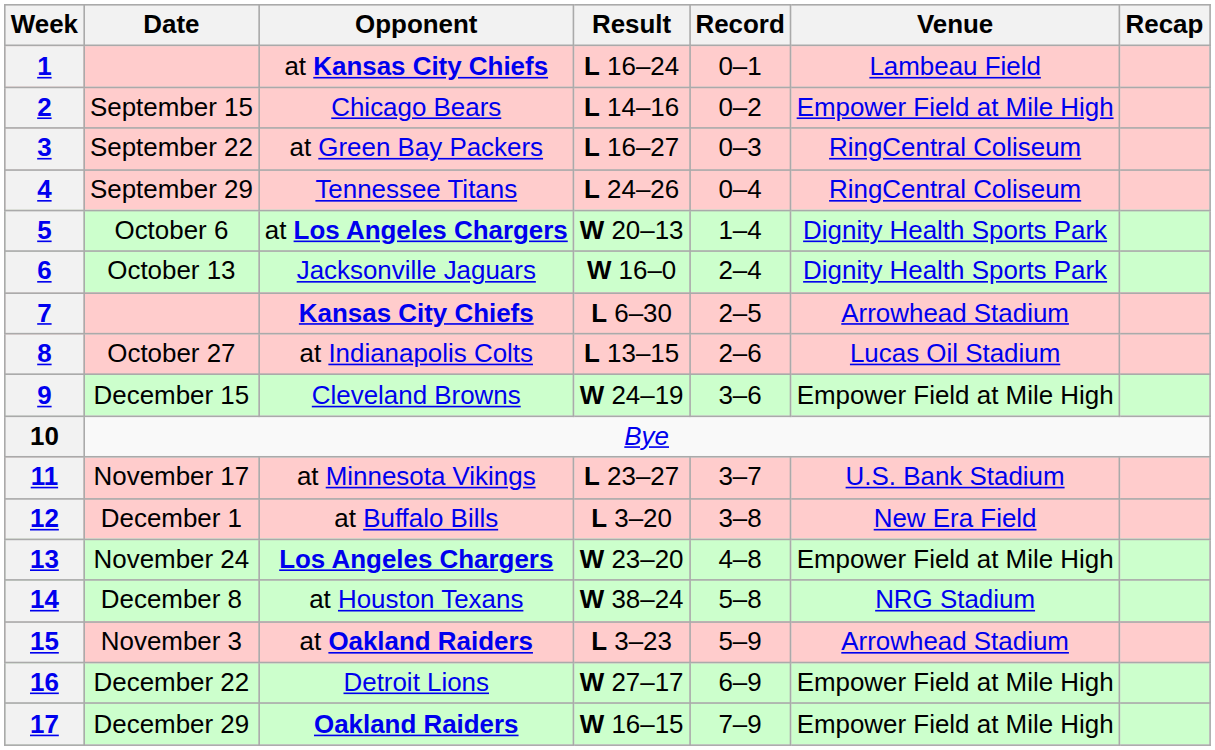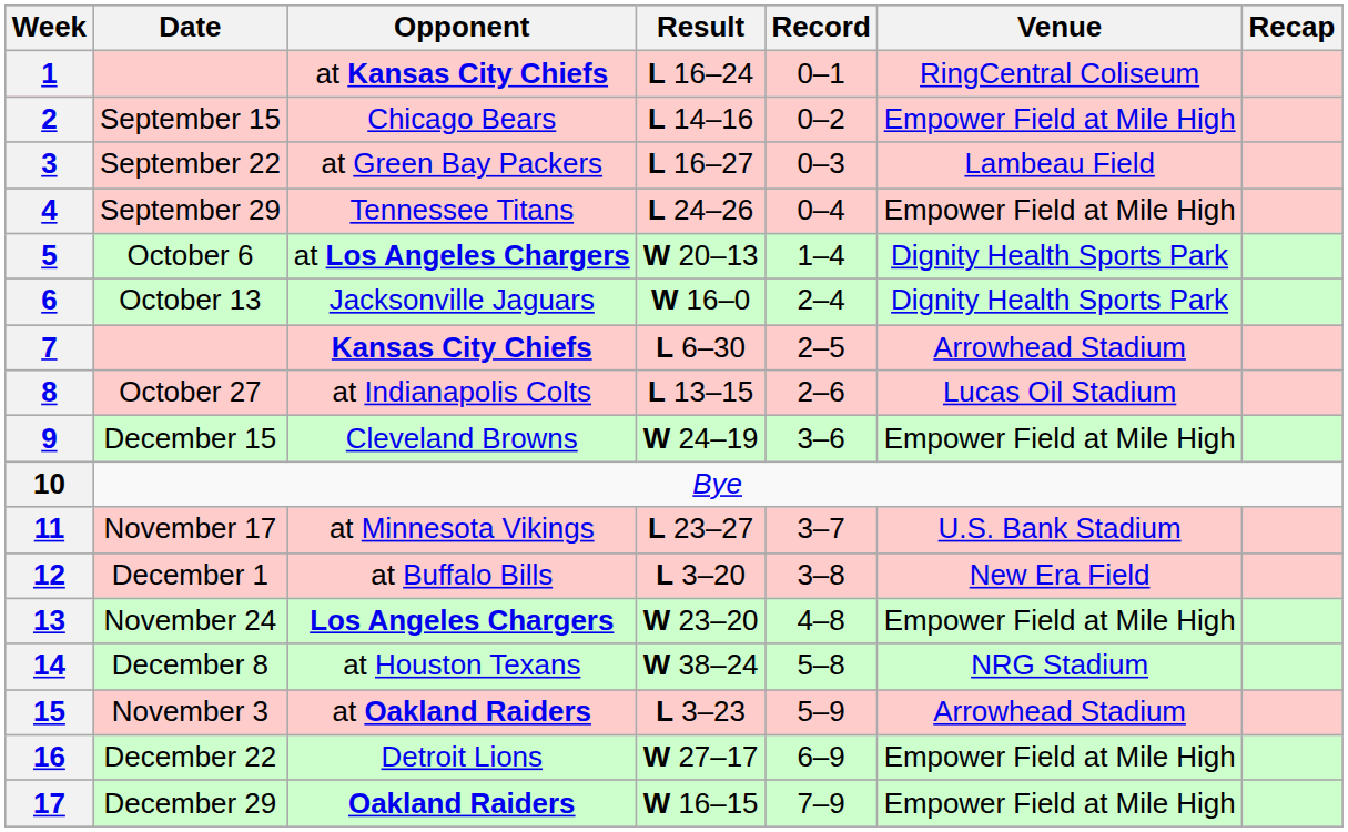 <table class="wikitable" style="text-align:center">
 <tr>
 <th>Week</th>
 <th>Date</th>
 <th>Opponent</th>
 <th>Result</th>
 <th>Record</th>
 <th>Venue</th>
 <th>Recap</th>
 </tr>
 <tr style="background:#fcc">
 <th><a href='#'>1</a></th>
 <td></td>
 <td>at <strong><a href='#'>Kansas City Chiefs</a></strong></td>
 <td><strong>L</strong> 16–24</td>
 <td>0–1</td>
-<td><a href='#'>Lambeau Field</a></td>
+<td><a href='#'>RingCentral Coliseum</a></td>
 <td></td>
 </tr>
 <tr style="background:#fcc">
 <th><a href='#'>2</a></th>
 <td>September 15</td>
 <td><a href='#'>Chicago Bears</a></td>
 <td><strong>L</strong> 14–16</td>
 <td>0–2</td>
 <td><a href='#'>Empower Field at Mile High</a></td>
 <td></td>
 </tr>
 <tr style="background:#fcc">
 <th><a href='#'>3</a></th>
 <td>September 22</td>
 <td>at <a href='#'>Green Bay Packers</a></td>
 <td><strong>L</strong> 16–27</td>
 <td>0–3</td>
-<td><a href='#'>RingCentral Coliseum</a></td>
+<td><a href='#'>Lambeau Field</a></td>
 <td></td>
 </tr>
 <tr style="background:#fcc">
 <th><a href='#'>4</a></th>
 <td>September 29</td>
 <td><a href='#'>Tennessee Titans</a></td>
 <td><strong>L</strong> 24–26</td>
 <td>0–4</td>
-<td><a href='#'>RingCentral Coliseum</a></td>
+<td>Empower Field at Mile High</td>
 <td></td>
 </tr>
 <tr style="background:#cfc">
 <th><a href='#'>5</a></th>
 <td>October 6</td>
 <td>at <strong><a href='#'>Los Angeles Chargers</a></strong></td>
 <td><strong>W</strong> 20–13</td>
 <td>1–4</td>
 <td><a href='#'>Dignity Health Sports Park</a></td>
 <td></td>
 </tr>
 <tr style="background:#cfc">
 <th><a href='#'>6</a></th>
 <td>October 13</td>
 <td><a href='#'>Jacksonville Jaguars</a></td>
 <td><strong>W</strong> 16–0</td>
 <td>2–4</td>
 <td><a href='#'>Dignity Health Sports Park</a></td>
 <td></td>
 </tr>
 <tr style="background:#fcc">
 <th><a href='#'>7</a></th>
 <td></td>
 <td><strong><a href='#'>Kansas City Chiefs</a></strong></td>
 <td><strong>L</strong> 6–30</td>
 <td>2–5</td>
 <td><a href='#'>Arrowhead Stadium</a></td>
 <td></td>
 </tr>
 <tr style="background:#fcc">
 <th><a href='#'>8</a></th>
 <td>October 27</td>
 <td>at <a href='#'>Indianapolis Colts</a></td>
 <td><strong>L</strong> 13–15</td>
 <td>2–6</td>
 <td><a href='#'>Lucas Oil Stadium</a></td>
 <td></td>
 </tr>
 <tr style="background:#cfc">
 <th><a href='#'>9</a></th>
 <td>December 15</td>
 <td><a href='#'>Cleveland Browns</a></td>
 <td><strong>W</strong> 24–19</td>
 <td>3–6</td>
 <td>Empower Field at Mile High</td>
 <td></td>
 </tr>
 <tr>
 <th>10</th>
 <td colspan="6"><em><a href='#'>Bye</a></em></td>
 </tr>
 <tr style="background:#fcc">
 <th><a href='#'>11</a></th>
 <td>November 17</td>
 <td>at <a href='#'>Minnesota Vikings</a></td>
 <td><strong>L</strong> 23–27</td>
 <td>3–7</td>
 <td><a href='#'>U.S. Bank Stadium</a></td>
 <td></td>
 </tr>
 <tr style="background:#fcc">
 <th><a href='#'>12</a></th>
 <td>December 1</td>
 <td>at <a href='#'>Buffalo Bills</a></td>
 <td><strong>L</strong> 3–20</td>
 <td>3–8</td>
 <td><a href='#'>New Era Field</a></td>
 <td></td>
 </tr>
 <tr style="background:#cfc">
 <th><a href='#'>13</a></th>
 <td>November 24</td>
 <td><strong><a href='#'>Los Angeles Chargers</a></strong></td>
 <td><strong>W</strong> 23–20</td>
 <td>4–8</td>
 <td>Empower Field at Mile High</td>
 <td></td>
 </tr>
 <tr style="background:#cfc">
 <th><a href='#'>14</a></th>
 <td>December 8</td>
 <td>at <a href='#'>Houston Texans</a></td>
 <td><strong>W</strong> 38–24</td>
 <td>5–8</td>
 <td><a href='#'>NRG Stadium</a></td>
 <td></td>
 </tr>
 <tr style="background:#fcc">
 <th><a href='#'>15</a></th>
 <td>November 3</td>
 <td>at <strong><a href='#'>Oakland Raiders</a></strong></td>
 <td><strong>L</strong> 3–23</td>
 <td>5–9</td>
 <td><a href='#'>Arrowhead Stadium</a></td>
 <td></td>
 </tr>
 <tr style="background:#cfc">
 <th><a href='#'>16</a></th>
 <td>December 22</td>
 <td><a href='#'>Detroit Lions</a></td>
 <td><strong>W</strong> 27–17</td>
 <td>6–9</td>
 <td>Empower Field at Mile High</td>
 <td></td>
 </tr>
 <tr style="background:#cfc">
 <th><a href='#'>17</a></th>
 <td>December 29</td>
 <td><strong><a href='#'>Oakland Raiders</a></strong></td>
 <td><strong>W</strong> 16–15</td>
 <td>7–9</td>
 <td>Empower Field at Mile High</td>
 <td></td>
 </tr>
 </table>
